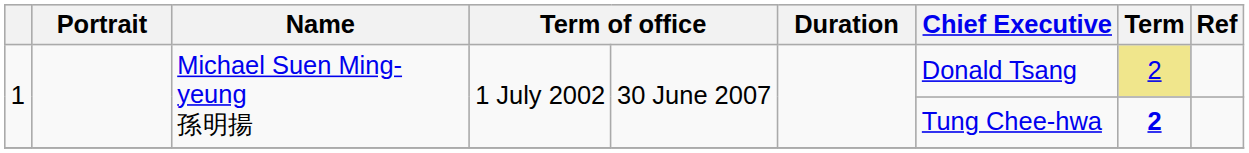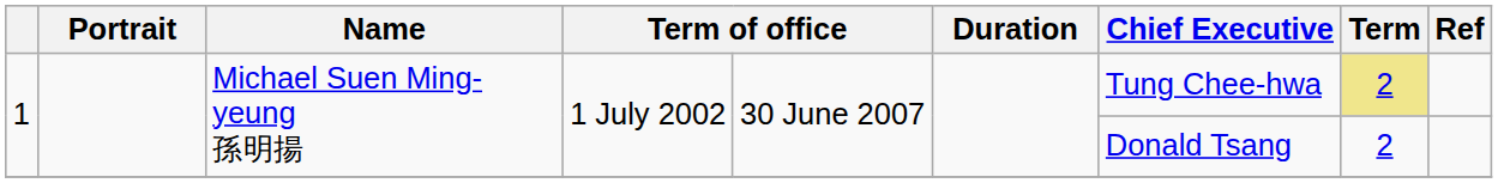 <table class="wikitable"  style="text-align:left">
 <tr>
 <th width=10px></th>
 <th width=80px>Portrait</th>
 <th width=180px>Name</th>
 <th width=180px colspan=2>Term of office</th>
 <th width=80px>Duration</th>
 <th width=120px><a href='#'>Chief Executive</a></th>
 <th>Term</th>
 <th>Ref</th>
 </tr>
 <tr>
 <td rowspan=2 bgcolor=>1</td>
 <td rowspan=2></td>
 <td rowspan=2><a href='#'>Michael Suen Ming-yeung</a><br>孫明揚</td>
 <td rowspan=2>1 July 2002</td>
 <td rowspan=2>30 June 2007</td>
 <td rowspan=2></td>
-<td><a href='#'>Donald Tsang</a><br></td>
+<td><a href='#'>Tung Chee-hwa</a><br></td>
 <td align=center style="background: khaki;"><a href='#'>2</a></td>
 <td></td>
 </tr>
 <tr>
-<td><a href='#'>Tung Chee-hwa</a><br></td>
-<td align=center><strong><a href='#'>2</a></strong></td>
+<td><a href='#'>Donald Tsang</a><br></td>
+<td align=center><a href='#'>2</a></td>
 <td></td>
 </tr>
 <tr>
 </tr>
 </table>
